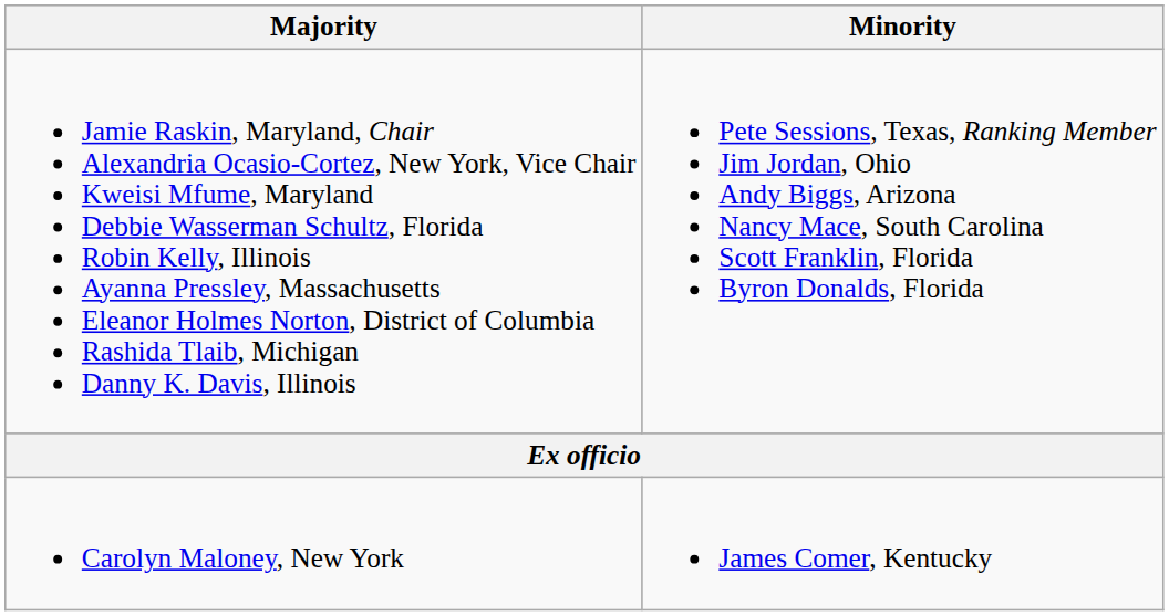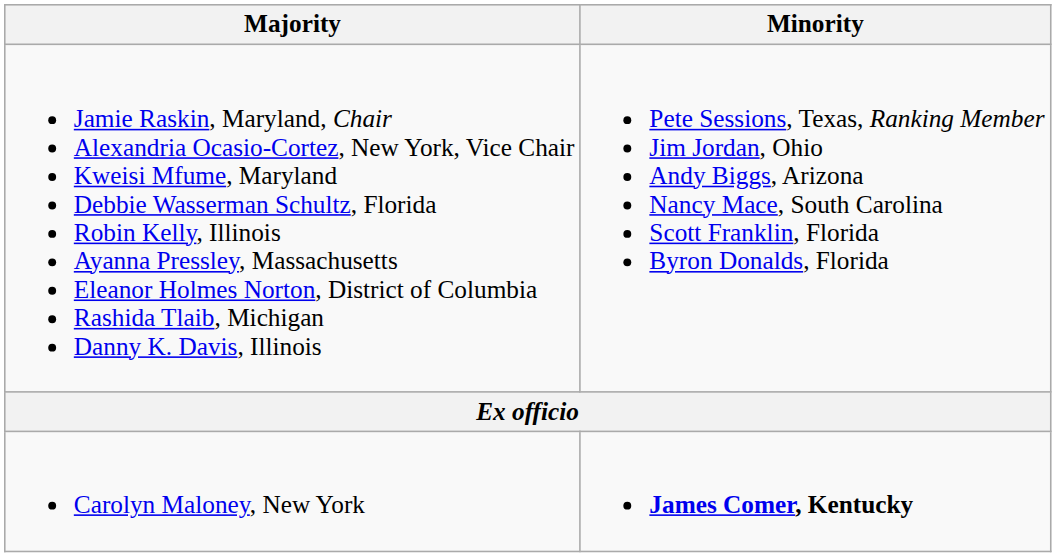 <table class=wikitable>
 <tr>
 <th>Majority</th>
 <th>Minority</th>
 </tr>
 <tr valign=top>
 <td><br><ul><li><a href='#'>Jamie Raskin</a>, Maryland, <em>Chair</em></li><li><a href='#'>Alexandria Ocasio-Cortez</a>, New York, Vice Chair</li><li><a href='#'>Kweisi Mfume</a>, Maryland</li><li><a href='#'>Debbie Wasserman Schultz</a>, Florida</li><li><a href='#'>Robin Kelly</a>, Illinois</li><li><a href='#'>Ayanna Pressley</a>, Massachusetts</li><li><a href='#'>Eleanor Holmes Norton</a>, District of Columbia</li><li><a href='#'>Rashida Tlaib</a>, Michigan</li><li><a href='#'>Danny K. Davis</a>, Illinois</li></ul></td>
 <td><br><ul><li><a href='#'>Pete Sessions</a>, Texas, <em>Ranking Member</em></li><li><a href='#'>Jim Jordan</a>, Ohio</li><li><a href='#'>Andy Biggs</a>, Arizona</li><li><a href='#'>Nancy Mace</a>, South Carolina</li><li><a href='#'>Scott Franklin</a>, Florida</li><li><a href='#'>Byron Donalds</a>, Florida</li></ul></td>
 </tr>
 <tr>
 <th colspan=2><em>Ex officio</em></th>
 </tr>
 <tr>
 <td><br><ul><li><a href='#'>Carolyn Maloney</a>, New York</li></ul></td>
-<td><br><ul><li><a href='#'>James Comer</a>, Kentucky</li></ul></td>
+<td><strong><br><ul><li><a href='#'>James Comer</a>, Kentucky</li></ul></strong></td>
 </tr>
 </table>
